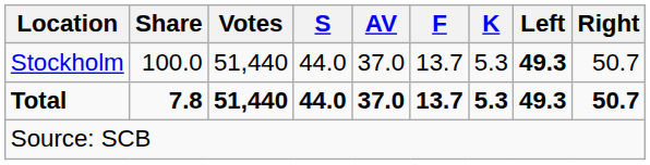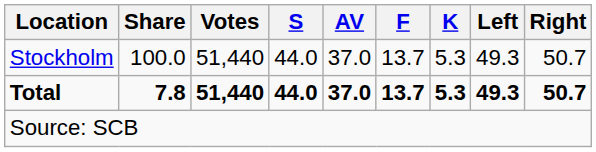 <table class="wikitable sortable" style=text-align:right>
 <tr>
 <th>Location</th>
 <th>Share</th>
 <th>Votes</th>
 <th><a href='#'>S</a></th>
 <th><a href='#'>AV</a></th>
 <th><a href='#'>F</a></th>
 <th><a href='#'>K</a></th>
 <th>Left</th>
 <th>Right</th>
 </tr>
 <tr>
 <td align=left><a href='#'>Stockholm</a></td>
 <td>100.0</td>
 <td>51,440</td>
 <td>44.0</td>
 <td>37.0</td>
 <td>13.7</td>
 <td>5.3</td>
-<td><strong>49.3</strong></td>
+<td>49.3</td>
 <td>50.7</td>
 </tr>
 <tr>
 <td align=left><strong>Total</strong></td>
 <td><strong>7.8</strong></td>
 <td><strong>51,440</strong></td>
 <td><strong>44.0</strong></td>
 <td><strong>37.0</strong></td>
 <td><strong>13.7</strong></td>
 <td><strong>5.3</strong></td>
 <td><strong>49.3</strong></td>
 <td><strong>50.7</strong></td>
 </tr>
 <tr>
 <td align=left colspan=9>Source: SCB </td>
 </tr>
 </table>
